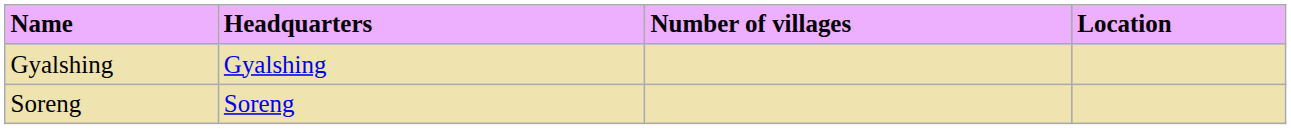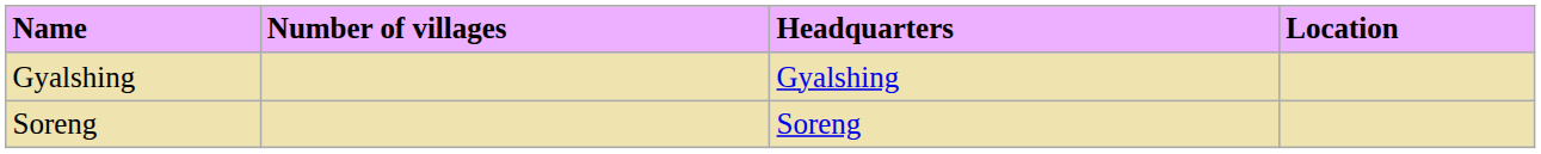 <table class="wikitable sortable" width=65% style="border:1px solid black">
 <tr bgcolor=#EDAFFF>
 <td width="10%"><strong>Name</strong></td>
+<td width="20%"><strong>Number of villages</strong></td>
 <td width="20%"><strong>Headquarters</strong></td>
-<td width="20%"><strong>Number of villages</strong></td>
 <td width="10%"><strong>Location</strong></td>
 </tr>
 <tr bgcolor=#EFE4B0>
 <td>Gyalshing</td>
+<td></td>
 <td><a href='#'>Gyalshing</a></td>
-<td></td>
 <td></td>
 </tr>
 <tr bgcolor=#EFE4B0>
 <td>Soreng</td>
+<td></td>
 <td><a href='#'>Soreng</a></td>
-<td></td>
 <td></td>
 </tr>
 </table>
